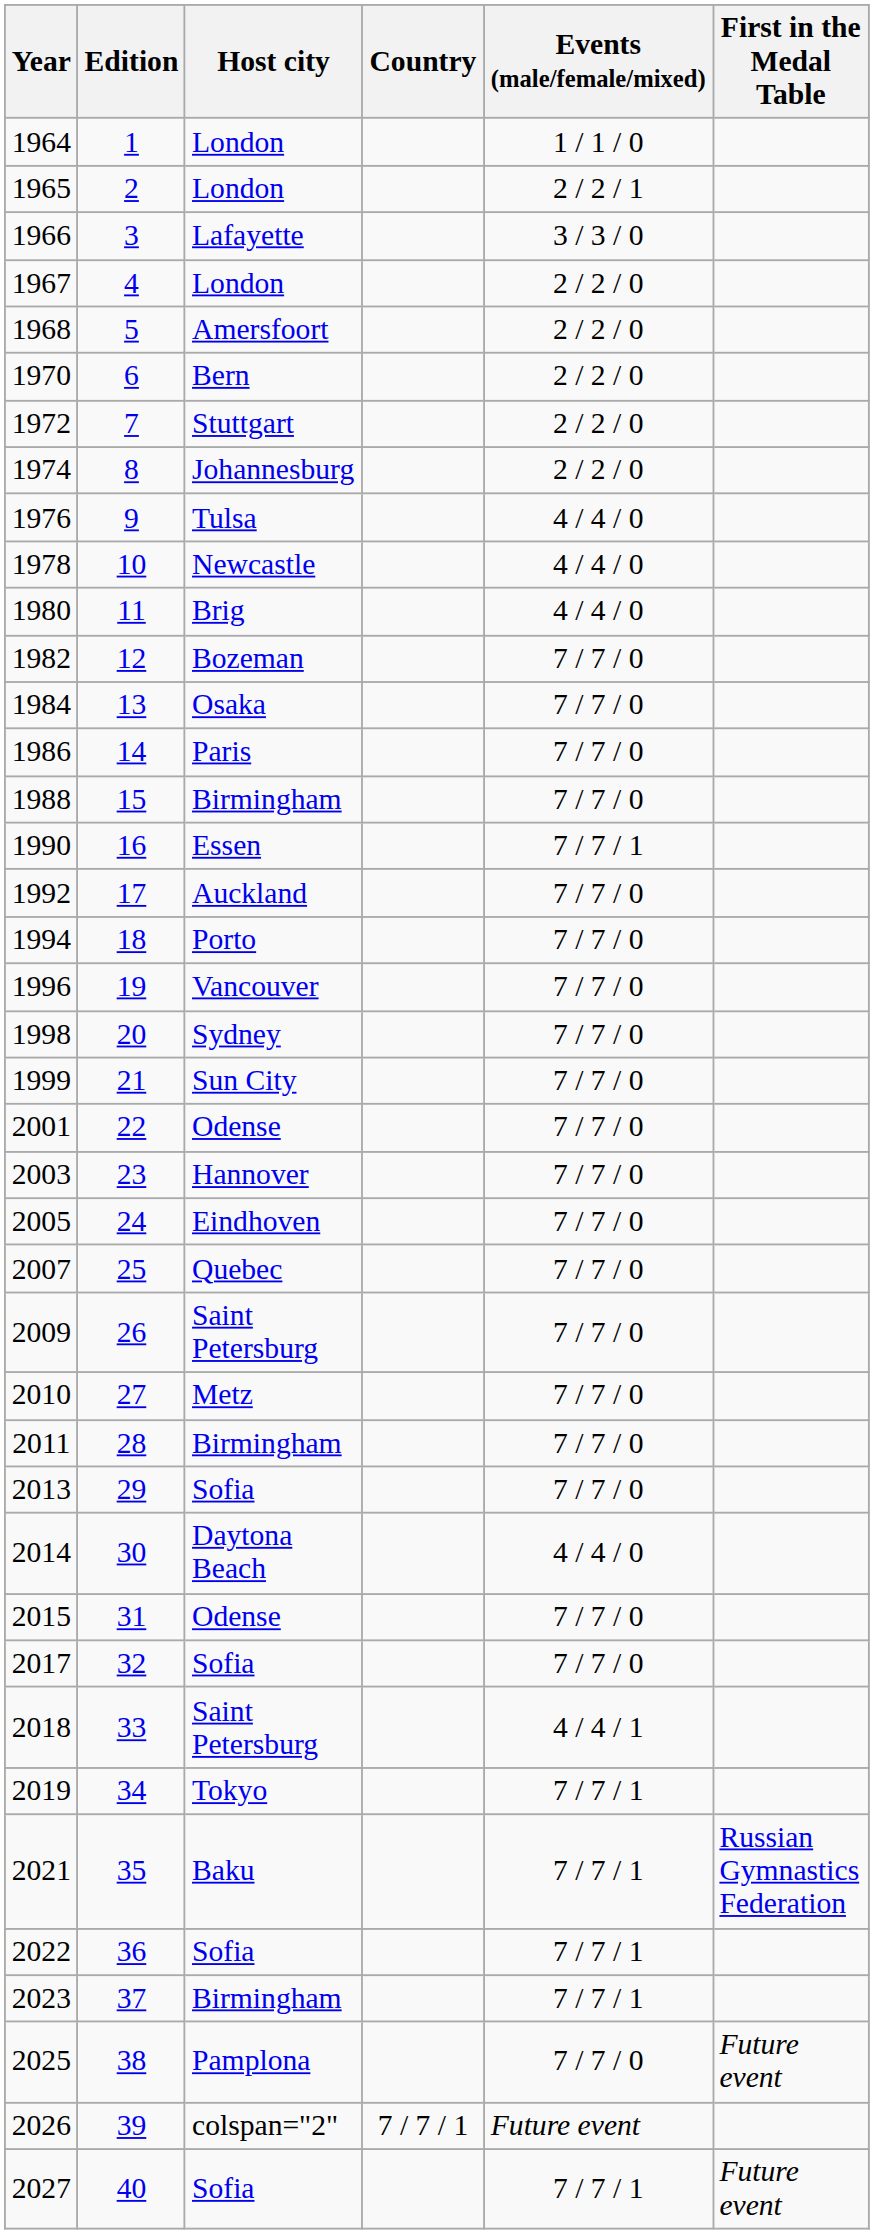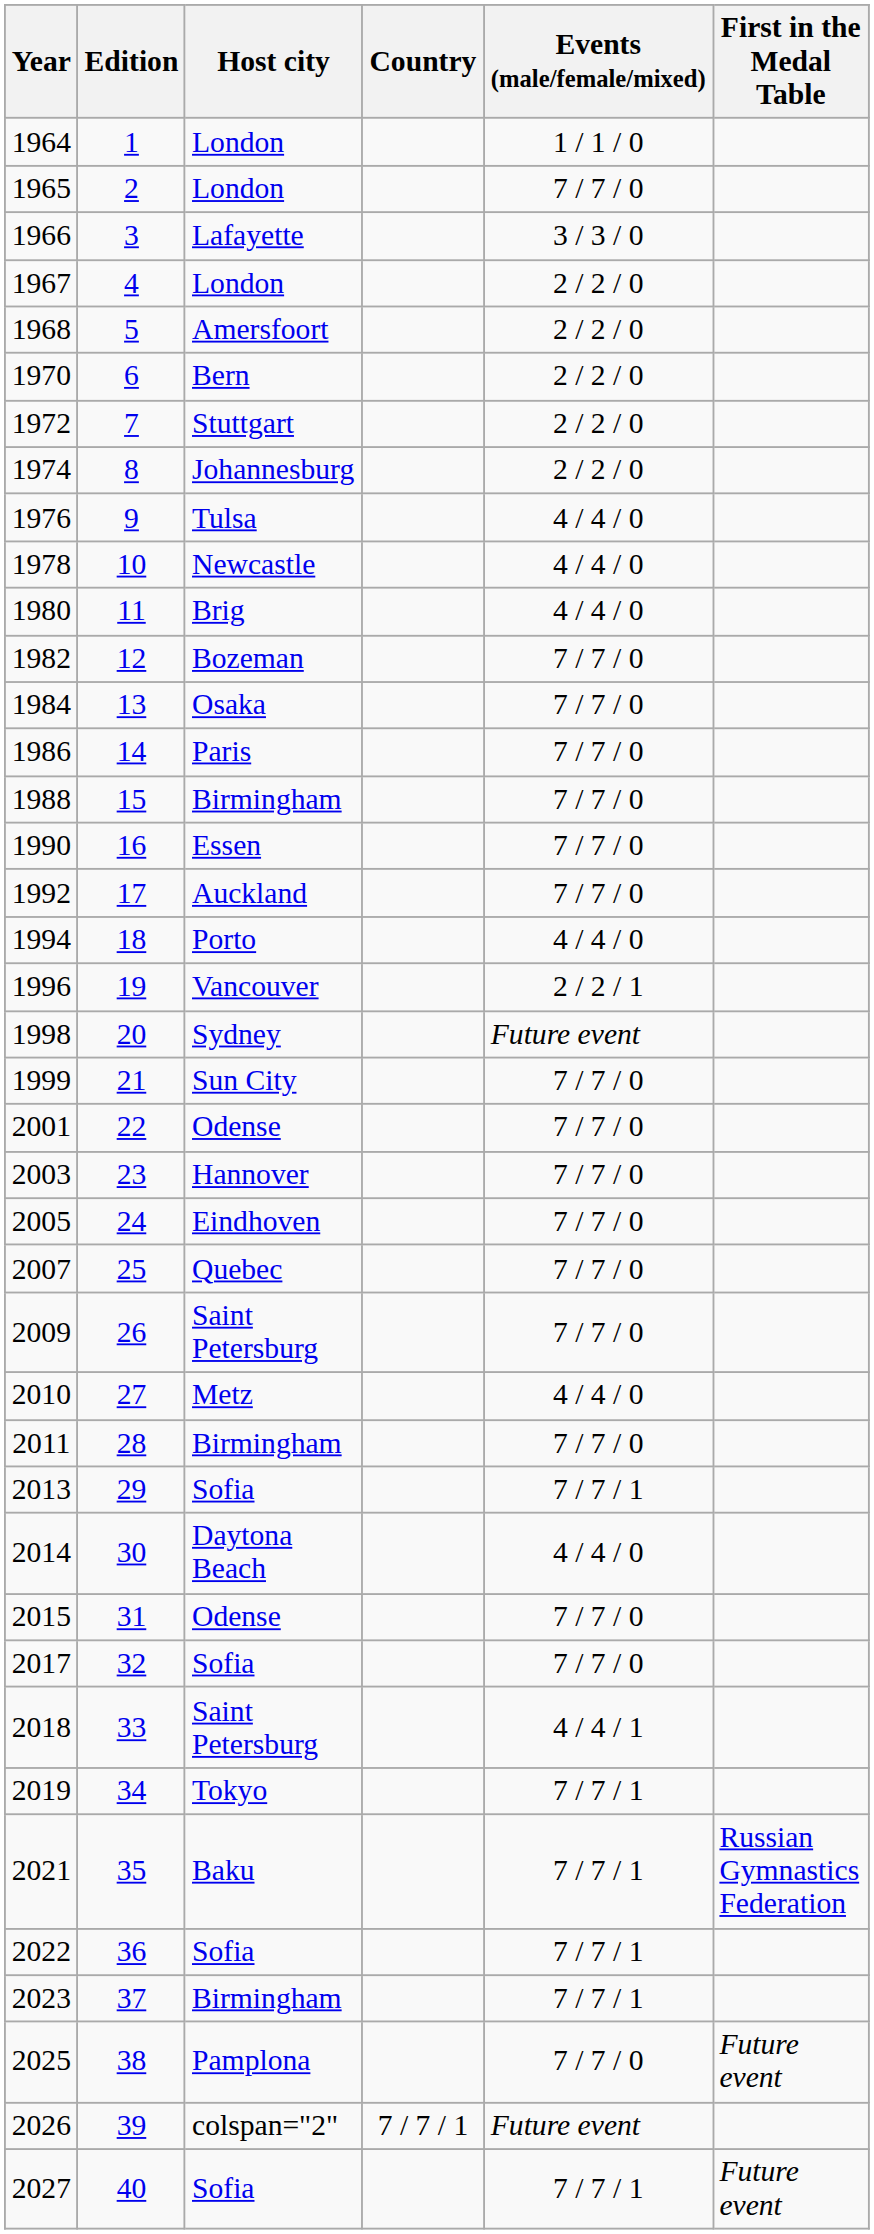 <table class="wikitable" style="border-collapse: collapse; width:75%;">
 <tr bgcolor="efefef">
 <th width=30>Year</th>
 <th width=30>Edition</th>
 <th width=140>Host city</th>
 <th width=140>Country</th>
 <th width=100>Events<small><br>(male/female/mixed)</small></th>
 <th width=240>First in the Medal Table</th>
 </tr>
 <tr>
 <td align=center>1964</td>
 <td align=center><a href='#'>1</a></td>
 <td><a href='#'>London</a></td>
 <td></td>
 <td align=center>1 / 1 / 0</td>
 <td></td>
 </tr>
 <tr>
 <td align=center>1965</td>
 <td align=center><a href='#'>2</a></td>
 <td><a href='#'>London</a></td>
 <td></td>
-<td align=center>2 / 2 / 1</td>
+<td align=center>7 / 7 / 0</td>
 <td></td>
 </tr>
 <tr>
 <td align=center>1966</td>
 <td align=center><a href='#'>3</a></td>
 <td><a href='#'>Lafayette</a></td>
 <td></td>
 <td align=center>3 / 3 / 0</td>
 <td></td>
 </tr>
 <tr>
 <td align=center>1967</td>
 <td align=center><a href='#'>4</a></td>
 <td><a href='#'>London</a></td>
 <td></td>
 <td align=center>2 / 2 / 0</td>
 <td></td>
 </tr>
 <tr>
 <td align=center>1968</td>
 <td align=center><a href='#'>5</a></td>
 <td><a href='#'>Amersfoort</a></td>
 <td></td>
 <td align=center>2 / 2 / 0</td>
 <td></td>
 </tr>
 <tr>
 <td align=center>1970</td>
 <td align=center><a href='#'>6</a></td>
 <td><a href='#'>Bern</a></td>
 <td></td>
 <td align=center>2 / 2 / 0</td>
 <td></td>
 </tr>
 <tr>
 <td align=center>1972</td>
 <td align=center><a href='#'>7</a></td>
 <td><a href='#'>Stuttgart</a></td>
 <td></td>
 <td align=center>2 / 2 / 0</td>
 <td></td>
 </tr>
 <tr>
 <td align=center>1974</td>
 <td align=center><a href='#'>8</a></td>
 <td><a href='#'>Johannesburg</a></td>
 <td></td>
 <td align=center>2 / 2 / 0</td>
 <td></td>
 </tr>
 <tr>
 <td align=center>1976</td>
 <td align=center><a href='#'>9</a></td>
 <td><a href='#'>Tulsa</a></td>
 <td></td>
 <td align=center>4 / 4 / 0</td>
 <td></td>
 </tr>
 <tr>
 <td align=center>1978</td>
 <td align=center><a href='#'>10</a></td>
 <td><a href='#'>Newcastle</a></td>
 <td></td>
 <td align=center>4 / 4 / 0</td>
 <td></td>
 </tr>
 <tr>
 <td align=center>1980</td>
 <td align=center><a href='#'>11</a></td>
 <td><a href='#'>Brig</a></td>
 <td></td>
 <td align=center>4 / 4 / 0</td>
 <td></td>
 </tr>
 <tr>
 <td align=center>1982</td>
 <td align=center><a href='#'>12</a></td>
 <td><a href='#'>Bozeman</a></td>
 <td></td>
 <td align=center>7 / 7 / 0</td>
 <td></td>
 </tr>
 <tr>
 <td align=center>1984</td>
 <td align=center><a href='#'>13</a></td>
 <td><a href='#'>Osaka</a></td>
 <td></td>
 <td align=center>7 / 7 / 0</td>
 <td></td>
 </tr>
 <tr>
 <td align=center>1986</td>
 <td align=center><a href='#'>14</a></td>
 <td><a href='#'>Paris</a></td>
 <td></td>
 <td align=center>7 / 7 / 0</td>
 <td></td>
 </tr>
 <tr>
 <td align=center>1988</td>
 <td align=center><a href='#'>15</a></td>
 <td><a href='#'>Birmingham</a></td>
 <td></td>
 <td align=center>7 / 7 / 0</td>
 <td></td>
 </tr>
 <tr>
 <td align=center>1990</td>
 <td align=center><a href='#'>16</a></td>
 <td><a href='#'>Essen</a></td>
 <td></td>
-<td align=center>7 / 7 / 1</td>
+<td align=center>7 / 7 / 0</td>
 <td></td>
 </tr>
 <tr>
 <td align=center>1992</td>
 <td align=center><a href='#'>17</a></td>
 <td><a href='#'>Auckland</a></td>
 <td></td>
 <td align=center>7 / 7 / 0</td>
 <td></td>
 </tr>
 <tr>
 <td align=center>1994</td>
 <td align=center><a href='#'>18</a></td>
 <td><a href='#'>Porto</a></td>
 <td></td>
-<td align=center>7 / 7 / 0</td>
+<td align=center>4 / 4 / 0</td>
 <td></td>
 </tr>
 <tr>
 <td align=center>1996</td>
 <td align=center><a href='#'>19</a></td>
 <td><a href='#'>Vancouver</a></td>
 <td></td>
-<td align=center>7 / 7 / 0</td>
+<td align=center>2 / 2 / 1</td>
 <td></td>
 </tr>
 <tr>
 <td align=center>1998</td>
 <td align=center><a href='#'>20</a></td>
 <td><a href='#'>Sydney</a></td>
 <td></td>
-<td align=center>7 / 7 / 0</td>
+<td><em>Future event</em></td>
 <td></td>
 </tr>
 <tr>
 <td align=center>1999</td>
 <td align=center><a href='#'>21</a></td>
 <td><a href='#'>Sun City</a></td>
 <td></td>
 <td align=center>7 / 7 / 0</td>
 <td></td>
 </tr>
 <tr>
 <td align=center>2001</td>
 <td align=center><a href='#'>22</a></td>
 <td><a href='#'>Odense</a></td>
 <td></td>
 <td align=center>7 / 7 / 0</td>
 <td></td>
 </tr>
 <tr>
 <td align=center>2003</td>
 <td align=center><a href='#'>23</a></td>
 <td><a href='#'>Hannover</a></td>
 <td></td>
 <td align=center>7 / 7 / 0</td>
 <td></td>
 </tr>
 <tr>
 <td align=center>2005</td>
 <td align=center><a href='#'>24</a></td>
 <td><a href='#'>Eindhoven</a></td>
 <td></td>
 <td align=center>7 / 7 / 0</td>
 <td></td>
 </tr>
 <tr>
 <td align=center>2007</td>
 <td align=center><a href='#'>25</a></td>
 <td><a href='#'>Quebec</a></td>
 <td></td>
 <td align=center>7 / 7 / 0</td>
 <td></td>
 </tr>
 <tr>
 <td align=center>2009</td>
 <td align=center><a href='#'>26</a></td>
 <td><a href='#'>Saint Petersburg</a></td>
 <td></td>
 <td align=center>7 / 7 / 0</td>
 <td></td>
 </tr>
 <tr>
 <td align=center>2010</td>
 <td align=center><a href='#'>27</a></td>
 <td><a href='#'>Metz</a></td>
 <td></td>
-<td align=center>7 / 7 / 0</td>
+<td align=center>4 / 4 / 0</td>
 <td></td>
 </tr>
 <tr>
 <td align=center>2011</td>
 <td align=center><a href='#'>28</a></td>
 <td><a href='#'>Birmingham</a></td>
 <td></td>
 <td align=center>7 / 7 / 0</td>
 <td></td>
 </tr>
 <tr>
 <td align=center>2013</td>
 <td align=center><a href='#'>29</a></td>
 <td><a href='#'>Sofia</a></td>
 <td></td>
-<td align=center>7 / 7 / 0</td>
+<td align=center>7 / 7 / 1</td>
 <td></td>
 </tr>
 <tr>
 <td align=center>2014</td>
 <td align=center><a href='#'>30</a></td>
 <td><a href='#'>Daytona Beach</a></td>
 <td></td>
 <td align=center>4 / 4 / 0</td>
 <td></td>
 </tr>
 <tr>
 <td align=center>2015</td>
 <td align=center><a href='#'>31</a></td>
 <td><a href='#'>Odense</a></td>
 <td></td>
 <td align=center>7 / 7 / 0</td>
 <td></td>
 </tr>
 <tr>
 <td align=center>2017</td>
 <td align=center><a href='#'>32</a></td>
 <td><a href='#'>Sofia</a></td>
 <td></td>
 <td align=center>7 / 7 / 0</td>
 <td></td>
 </tr>
 <tr>
 <td align=center>2018</td>
 <td align=center><a href='#'>33</a></td>
 <td><a href='#'>Saint Petersburg</a></td>
 <td></td>
 <td align=center>4 / 4 / 1</td>
 <td></td>
 </tr>
 <tr>
 <td align=center>2019</td>
 <td align=center><a href='#'>34</a></td>
 <td><a href='#'>Tokyo</a></td>
 <td></td>
 <td align=center>7 / 7 / 1</td>
 <td></td>
 </tr>
 <tr>
 <td align=center>2021</td>
 <td align=center><a href='#'>35</a></td>
 <td><a href='#'>Baku</a></td>
 <td></td>
 <td align=center>7 / 7 / 1</td>
 <td><a href='#'>Russian Gymnastics Federation</a></td>
 </tr>
 <tr>
 <td align=center>2022</td>
 <td align=center><a href='#'>36</a></td>
 <td><a href='#'>Sofia</a></td>
 <td></td>
 <td align=center>7 / 7 / 1</td>
 <td></td>
 </tr>
 <tr>
 <td align=center>2023</td>
 <td align=center><a href='#'>37</a></td>
 <td><a href='#'>Birmingham</a></td>
 <td></td>
 <td align=center>7 / 7 / 1</td>
 <td></td>
 </tr>
 <tr>
 <td align=center>2025</td>
 <td align=center><a href='#'>38</a></td>
 <td><a href='#'>Pamplona</a></td>
 <td></td>
 <td align=center>7 / 7 / 0</td>
 <td><em>Future event</em></td>
 </tr>
 <tr>
 <td align=center>2026</td>
 <td align=center><a href='#'>39</a></td>
 <td>colspan="2" </td>
 <td align=center>7 / 7 / 1</td>
 <td><em>Future event</em></td>
 </tr>
 <tr>
 <td align=center>2027</td>
 <td align=center><a href='#'>40</a></td>
 <td><a href='#'>Sofia</a></td>
 <td></td>
 <td align=center>7 / 7 / 1</td>
 <td><em>Future event</em></td>
 </tr>
 </table>
